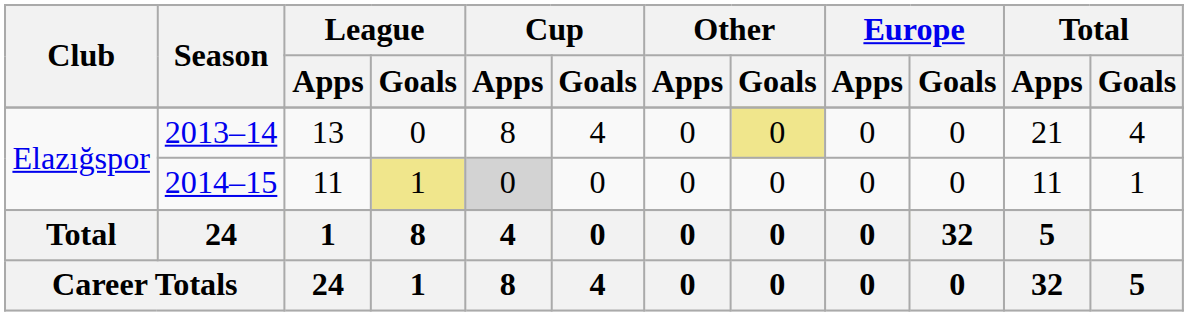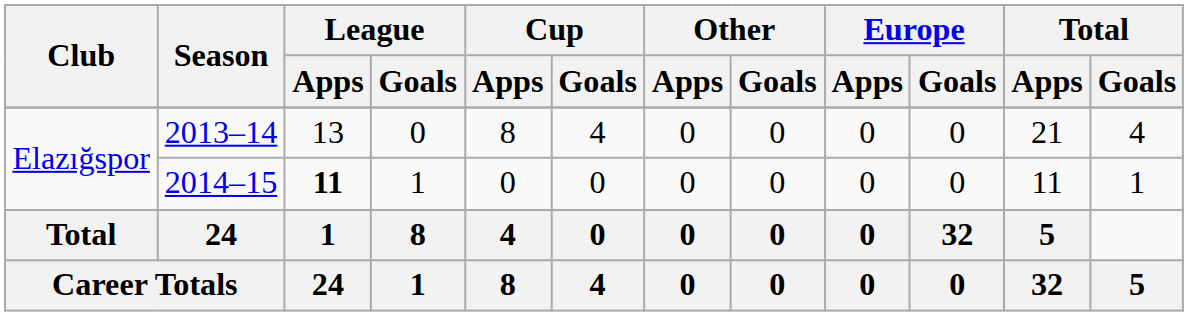 <table class="wikitable" style="text-align: center;">
 <tr>
 <th rowspan="2">Club</th>
 <th rowspan="2">Season</th>
 <th colspan="2">League</th>
 <th colspan="2">Cup</th>
 <th colspan="2">Other</th>
 <th colspan="2"><a href='#'>Europe</a></th>
 <th colspan="2">Total</th>
 </tr>
 <tr>
 <th>Apps</th>
 <th>Goals</th>
 <th>Apps</th>
 <th>Goals</th>
 <th>Apps</th>
 <th>Goals</th>
 <th>Apps</th>
 <th>Goals</th>
 <th>Apps</th>
 <th>Goals</th>
 </tr>
 <tr>
 </tr>
 <tr style="text-align:center;">
 <td rowspan="3" style="vertical-align:center;"><a href='#'>Elazığspor</a></td>
 <td><a href='#'>2013–14</a></td>
 <td>13</td>
 <td>0</td>
 <td>8</td>
 <td>4</td>
 <td>0</td>
-<td style="background: khaki;">0</td>
+<td>0</td>
 <td>0</td>
 <td>0</td>
 <td>21</td>
 <td>4</td>
 </tr>
 <tr>
 <td><a href='#'>2014–15</a></td>
-<td>11</td>
-<td style="background: khaki;">1</td>
-<td style="background: lightgrey;">0</td>
+<td><strong>11</strong></td>
+<td>1</td>
+<td>0</td>
 <td>0</td>
 <td>0</td>
 <td>0</td>
 <td>0</td>
 <td>0</td>
 <td>11</td>
 <td>1</td>
 </tr>
 <tr>
 </tr>
 <tr style="background:lemonchiffon">
 <th>Total</th>
 <th>24</th>
 <th>1</th>
 <th>8</th>
 <th>4</th>
 <th>0</th>
 <th>0</th>
 <th>0</th>
 <th>0</th>
 <th>32</th>
 <th>5</th>
 </tr>
 <tr>
 <th colspan="2">Career Totals</th>
 <th>24</th>
 <th>1</th>
 <th>8</th>
 <th>4</th>
 <th>0</th>
 <th>0</th>
 <th>0</th>
 <th>0</th>
 <th>32</th>
 <th>5</th>
 </tr>
 </table>
